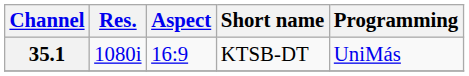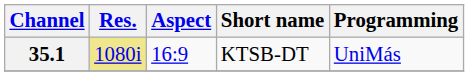 <table class="wikitable">
 <tr>
 <th scope = "col"><a href='#'>Channel</a></th>
 <th scope = "col"><a href='#'>Res.</a></th>
 <th scope = "col"><a href='#'>Aspect</a></th>
 <th scope = "col">Short name</th>
 <th scope = "col">Programming</th>
 </tr>
 <tr>
 <th scope = "row">35.1</th>
-<td><a href='#'>1080i</a></td>
+<td style="background: khaki;"><a href='#'>1080i</a></td>
 <td><a href='#'>16:9</a></td>
 <td>KTSB-DT</td>
 <td><a href='#'>UniMás</a></td>
 </tr>
 <tr>
 </tr>
 </table>
